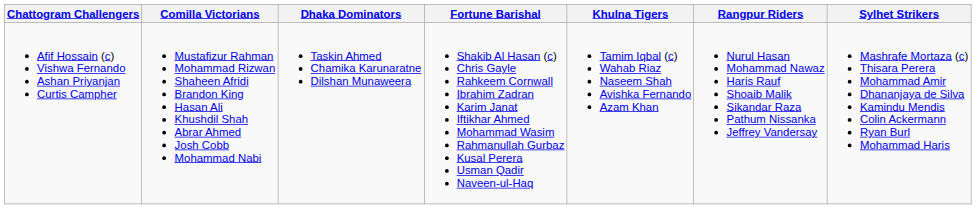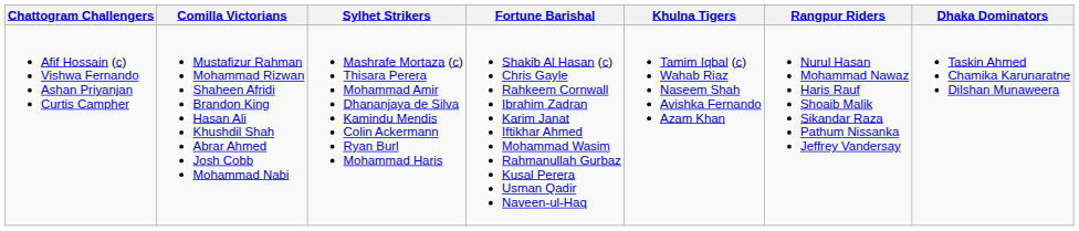 <table class="wikitable" Style="font-size:95%;">
 <tr>
 <th><a href='#'>Chattogram Challengers</a></th>
 <th><a href='#'>Comilla Victorians</a></th>
-<th><a href='#'>Dhaka Dominators</a></th>
+<th><a href='#'>Sylhet Strikers</a></th>
 <th><a href='#'>Fortune Barishal</a></th>
 <th><a href='#'>Khulna Tigers</a></th>
 <th><a href='#'>Rangpur Riders</a></th>
-<th><a href='#'>Sylhet Strikers</a></th>
+<th><a href='#'>Dhaka Dominators</a></th>
 </tr>
 <tr>
 <td valign=top><br><ul><li><a href='#'>Afif Hossain</a> (<a href='#'>c</a>)</li><li><a href='#'>Vishwa Fernando</a></li><li><a href='#'>Ashan Priyanjan</a></li><li><a href='#'>Curtis Campher</a></li></ul></td>
 <td valign=top><br><ul><li><a href='#'>Mustafizur Rahman</a></li><li><a href='#'>Mohammad Rizwan</a></li><li><a href='#'>Shaheen Afridi</a></li><li><a href='#'>Brandon King</a></li><li><a href='#'>Hasan Ali</a></li><li><a href='#'>Khushdil Shah</a></li><li><a href='#'>Abrar Ahmed</a></li><li><a href='#'>Josh Cobb</a></li><li><a href='#'>Mohammad Nabi</a></li></ul></td>
-<td valign=top><br><ul><li><a href='#'>Taskin Ahmed</a></li><li><a href='#'>Chamika Karunaratne</a></li><li><a href='#'>Dilshan Munaweera</a></li></ul></td>
+<td valign=top><br><ul><li><a href='#'>Mashrafe Mortaza</a> (<a href='#'>c</a>)</li><li><a href='#'>Thisara Perera</a></li><li><a href='#'>Mohammad Amir</a></li><li><a href='#'>Dhananjaya de Silva</a></li><li><a href='#'>Kamindu Mendis</a></li><li><a href='#'>Colin Ackermann</a></li><li><a href='#'>Ryan Burl</a></li><li><a href='#'>Mohammad Haris</a></li></ul></td>
 <td valign=top><br><ul><li><a href='#'>Shakib Al Hasan</a> (<a href='#'>c</a>)</li><li><a href='#'>Chris Gayle</a></li><li><a href='#'>Rahkeem Cornwall</a></li><li><a href='#'>Ibrahim Zadran</a></li><li><a href='#'>Karim Janat</a></li><li><a href='#'>Iftikhar Ahmed</a></li><li><a href='#'>Mohammad Wasim</a></li><li><a href='#'>Rahmanullah Gurbaz</a></li><li><a href='#'>Kusal Perera</a></li><li><a href='#'>Usman Qadir</a></li><li><a href='#'>Naveen-ul-Haq</a></li></ul></td>
 <td valign=top><br><ul><li><a href='#'>Tamim Iqbal</a> (<a href='#'>c</a>)</li><li><a href='#'>Wahab Riaz</a></li><li><a href='#'>Naseem Shah</a></li><li><a href='#'>Avishka Fernando</a></li><li><a href='#'>Azam Khan</a></li></ul></td>
 <td valign=top><br><ul><li><a href='#'>Nurul Hasan</a></li><li><a href='#'>Mohammad Nawaz</a></li><li><a href='#'>Haris Rauf</a></li><li><a href='#'>Shoaib Malik</a></li><li><a href='#'>Sikandar Raza</a></li><li><a href='#'>Pathum Nissanka</a></li><li><a href='#'>Jeffrey Vandersay</a></li></ul></td>
-<td valign=top><br><ul><li><a href='#'>Mashrafe Mortaza</a> (<a href='#'>c</a>)</li><li><a href='#'>Thisara Perera</a></li><li><a href='#'>Mohammad Amir</a></li><li><a href='#'>Dhananjaya de Silva</a></li><li><a href='#'>Kamindu Mendis</a></li><li><a href='#'>Colin Ackermann</a></li><li><a href='#'>Ryan Burl</a></li><li><a href='#'>Mohammad Haris</a></li></ul></td>
+<td valign=top><br><ul><li><a href='#'>Taskin Ahmed</a></li><li><a href='#'>Chamika Karunaratne</a></li><li><a href='#'>Dilshan Munaweera</a></li></ul></td>
 </tr>
 </table>
